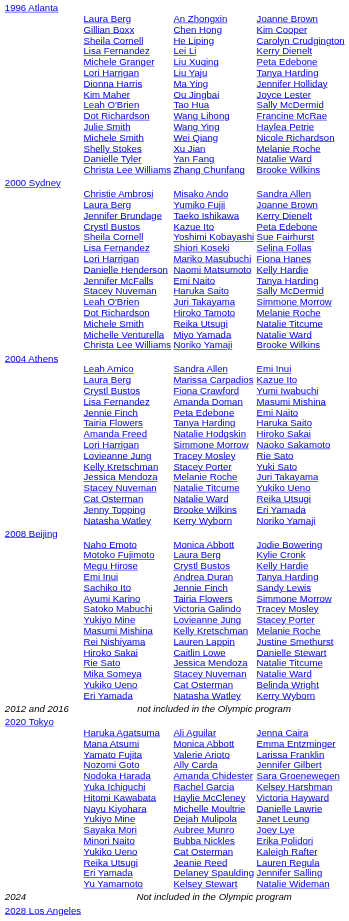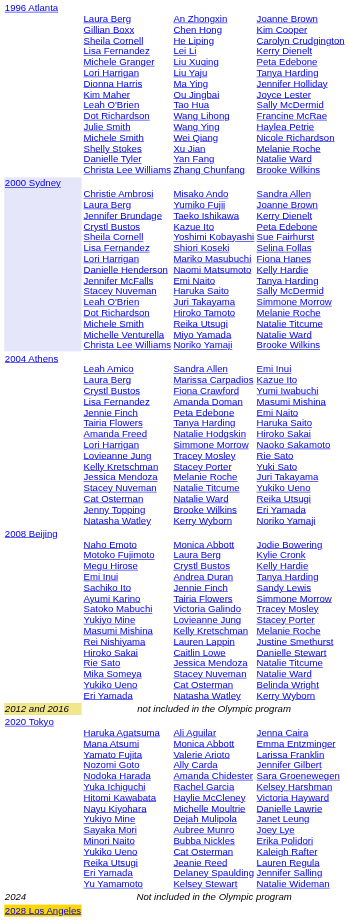 <table>
 <tr valign="top">
 <td><a href='#'>1996 Atlanta</a><br></td>
 <td valign=top><br><a href='#'>Laura Berg</a><br><a href='#'>Gillian Boxx</a><br><a href='#'>Sheila Cornell</a><br><a href='#'>Lisa Fernandez</a><br><a href='#'>Michele Granger</a><br><a href='#'>Lori Harrigan</a><br><a href='#'>Dionna Harris</a><br><a href='#'>Kim Maher</a><br><a href='#'>Leah O'Brien</a><br><a href='#'>Dot Richardson</a><br><a href='#'>Julie Smith</a><br><a href='#'>Michele Smith</a><br><a href='#'>Shelly Stokes</a><br><a href='#'>Danielle Tyler</a><br><a href='#'>Christa Lee Williams</a></td>
 <td valign=top><br><a href='#'>An Zhongxin</a><br><a href='#'>Chen Hong</a><br><a href='#'>He Liping</a><br><a href='#'>Lei Li</a><br><a href='#'>Liu Xuqing</a><br><a href='#'>Liu Yaju</a><br><a href='#'>Ma Ying</a><br><a href='#'>Ou Jingbai</a><br><a href='#'>Tao Hua</a><br><a href='#'>Wang Lihong</a><br><a href='#'>Wang Ying</a><br><a href='#'>Wei Qiang</a><br><a href='#'>Xu Jian</a><br><a href='#'>Yan Fang</a><br><a href='#'>Zhang Chunfang</a></td>
 <td valign=top><br><a href='#'>Joanne Brown</a><br><a href='#'>Kim Cooper</a><br><a href='#'>Carolyn Crudgington</a><br><a href='#'>Kerry Dienelt</a><br><a href='#'>Peta Edebone</a><br><a href='#'>Tanya Harding</a><br><a href='#'>Jennifer Holliday</a><br><a href='#'>Joyce Lester</a><br><a href='#'>Sally McDermid</a><br><a href='#'>Francine McRae</a><br><a href='#'>Haylea Petrie</a><br><a href='#'>Nicole Richardson</a><br><a href='#'>Melanie Roche</a><br><a href='#'>Natalie Ward</a><br><a href='#'>Brooke Wilkins</a></td>
 </tr>
 <tr valign="top">
-<td><a href='#'>2000 Sydney</a><br></td>
+<td style="background: lavender;"><a href='#'>2000 Sydney</a><br></td>
 <td valign=top><br><a href='#'>Christie Ambrosi</a><br><a href='#'>Laura Berg</a><br><a href='#'>Jennifer Brundage</a><br><a href='#'>Crystl Bustos</a><br><a href='#'>Sheila Cornell</a><br><a href='#'>Lisa Fernandez</a><br><a href='#'>Lori Harrigan</a><br><a href='#'>Danielle Henderson</a><br><a href='#'>Jennifer McFalls</a><br><a href='#'>Stacey Nuveman</a><br><a href='#'>Leah O'Brien</a><br><a href='#'>Dot Richardson</a><br><a href='#'>Michele Smith</a><br><a href='#'>Michelle Venturella</a><br><a href='#'>Christa Lee Williams</a></td>
 <td valign=top><br><a href='#'>Misako Ando</a><br><a href='#'>Yumiko Fujii</a><br><a href='#'>Taeko Ishikawa</a><br><a href='#'>Kazue Ito</a><br><a href='#'>Yoshimi Kobayashi</a><br><a href='#'>Shiori Koseki</a><br><a href='#'>Mariko Masubuchi</a><br><a href='#'>Naomi Matsumoto</a><br><a href='#'>Emi Naito</a><br><a href='#'>Haruka Saito</a><br><a href='#'>Juri Takayama</a><br><a href='#'>Hiroko Tamoto</a><br><a href='#'>Reika Utsugi</a><br><a href='#'>Miyo Yamada</a><br><a href='#'>Noriko Yamaji</a></td>
 <td valign=top><br><a href='#'>Sandra Allen</a><br><a href='#'>Joanne Brown</a><br><a href='#'>Kerry Dienelt</a><br><a href='#'>Peta Edebone</a><br><a href='#'>Sue Fairhurst</a><br><a href='#'>Selina Follas</a><br><a href='#'>Fiona Hanes</a><br><a href='#'>Kelly Hardie</a><br><a href='#'>Tanya Harding</a><br><a href='#'>Sally McDermid</a><br><a href='#'>Simmone Morrow</a><br><a href='#'>Melanie Roche</a><br><a href='#'>Natalie Titcume</a><br><a href='#'>Natalie Ward</a><br><a href='#'>Brooke Wilkins</a></td>
 </tr>
 <tr valign="top">
 <td><a href='#'>2004 Athens</a><br></td>
 <td valign=top><br><a href='#'>Leah Amico</a><br><a href='#'>Laura Berg</a><br><a href='#'>Crystl Bustos</a><br><a href='#'>Lisa Fernandez</a><br><a href='#'>Jennie Finch</a><br><a href='#'>Tairia Flowers</a><br><a href='#'>Amanda Freed</a><br><a href='#'>Lori Harrigan</a><br><a href='#'>Lovieanne Jung</a><br><a href='#'>Kelly Kretschman</a><br><a href='#'>Jessica Mendoza</a><br><a href='#'>Stacey Nuveman</a><br><a href='#'>Cat Osterman</a><br><a href='#'>Jenny Topping</a><br><a href='#'>Natasha Watley</a></td>
 <td valign=top><br><a href='#'>Sandra Allen</a><br><a href='#'>Marissa Carpadios</a><br><a href='#'>Fiona Crawford</a><br><a href='#'>Amanda Doman</a><br><a href='#'>Peta Edebone</a><br><a href='#'>Tanya Harding</a><br><a href='#'>Natalie Hodgskin</a><br><a href='#'>Simmone Morrow</a><br><a href='#'>Tracey Mosley</a><br><a href='#'>Stacey Porter</a><br><a href='#'>Melanie Roche</a><br><a href='#'>Natalie Titcume</a><br><a href='#'>Natalie Ward</a><br><a href='#'>Brooke Wilkins</a><br><a href='#'>Kerry Wyborn</a></td>
 <td valign=top><br><a href='#'>Emi Inui</a><br><a href='#'>Kazue Ito</a><br><a href='#'>Yumi Iwabuchi</a><br><a href='#'>Masumi Mishina</a><br><a href='#'>Emi Naito</a><br><a href='#'>Haruka Saito</a><br><a href='#'>Hiroko Sakai</a><br><a href='#'>Naoko Sakamoto</a><br><a href='#'>Rie Sato</a><br><a href='#'>Yuki Sato</a><br><a href='#'>Juri Takayama</a><br><a href='#'>Yukiko Ueno</a><br><a href='#'>Reika Utsugi</a><br><a href='#'>Eri Yamada</a><br><a href='#'>Noriko Yamaji</a></td>
 </tr>
 <tr valign="top">
 <td><a href='#'>2008 Beijing</a><br></td>
 <td valign=top><br><a href='#'>Naho Emoto</a><br><a href='#'>Motoko Fujimoto</a><br> <a href='#'>Megu Hirose</a><br><a href='#'>Emi Inui</a><br><a href='#'>Sachiko Ito</a><br><a href='#'>Ayumi Karino</a><br><a href='#'>Satoko Mabuchi</a><br><a href='#'>Yukiyo Mine</a><br><a href='#'>Masumi Mishina</a><br><a href='#'>Rei Nishiyama</a><br><a href='#'>Hiroko Sakai</a><br><a href='#'>Rie Sato</a><br><a href='#'>Mika Someya</a><br><a href='#'>Yukiko Ueno</a><br><a href='#'>Eri Yamada</a></td>
 <td valign=top><br><a href='#'>Monica Abbott</a><br><a href='#'>Laura Berg</a><br><a href='#'>Crystl Bustos</a><br><a href='#'>Andrea Duran</a><br><a href='#'>Jennie Finch</a><br><a href='#'>Tairia Flowers</a><br><a href='#'>Victoria Galindo</a><br><a href='#'>Lovieanne Jung</a><br><a href='#'>Kelly Kretschman</a><br><a href='#'>Lauren Lappin</a><br><a href='#'>Caitlin Lowe</a><br><a href='#'>Jessica Mendoza</a><br><a href='#'>Stacey Nuveman</a><br><a href='#'>Cat Osterman</a><br><a href='#'>Natasha Watley</a></td>
 <td valign=top><br><a href='#'>Jodie Bowering</a><br><a href='#'>Kylie Cronk</a><br><a href='#'>Kelly Hardie</a><br><a href='#'>Tanya Harding</a><br><a href='#'>Sandy Lewis</a><br><a href='#'>Simmone Morrow</a><br><a href='#'>Tracey Mosley</a><br><a href='#'>Stacey Porter</a><br><a href='#'>Melanie Roche</a><br><a href='#'>Justine Smethurst</a><br><a href='#'>Danielle Stewart</a><br><a href='#'>Natalie Titcume</a><br><a href='#'>Natalie Ward</a><br><a href='#'>Belinda Wright</a><br><a href='#'>Kerry Wyborn</a></td>
 </tr>
 <tr>
-<td><em>2012 and 2016</em></td>
+<td style="background: khaki;"><em>2012 and 2016</em></td>
 <td colspan=3 align=center><em>not included in the Olympic program</em></td>
 </tr>
 <tr valign="top">
 <td><a href='#'>2020 Tokyo</a><br></td>
 <td> <br><a href='#'>Haruka Agatsuma</a><br><a href='#'>Mana Atsumi</a><br><a href='#'>Yamato Fujita</a><br><a href='#'>Nozomi Goto</a><br><a href='#'>Nodoka Harada</a><br><a href='#'>Yuka Ichiguchi</a><br><a href='#'>Hitomi Kawabata</a><br><a href='#'>Nayu Kiyohara</a><br><a href='#'>Yukiyo Mine</a><br><a href='#'>Sayaka Mori</a><br><a href='#'>Minori Naito</a><br><a href='#'>Yukiko Ueno</a><br><a href='#'>Reika Utsugi</a><br><a href='#'>Eri Yamada</a><br><a href='#'>Yu Yamamoto</a></td>
 <td> <br><a href='#'>Ali Aguilar</a><br><a href='#'>Monica Abbott</a><br><a href='#'>Valerie Arioto</a><br><a href='#'>Ally Carda</a><br><a href='#'>Amanda Chidester</a><br><a href='#'>Rachel Garcia</a><br><a href='#'>Haylie McCleney</a><br><a href='#'>Michelle Moultrie</a><br><a href='#'>Dejah Mulipola</a><br><a href='#'>Aubree Munro</a><br><a href='#'>Bubba Nickles</a><br><a href='#'>Cat Osterman</a><br><a href='#'>Jeanie Reed</a><br><a href='#'>Delaney Spaulding</a><br><a href='#'>Kelsey Stewart</a></td>
 <td><br><a href='#'>Jenna Caira</a><br><a href='#'>Emma Entzminger</a><br><a href='#'>Larissa Franklin</a><br><a href='#'>Jennifer Gilbert</a><br><a href='#'>Sara Groenewegen</a><br><a href='#'>Kelsey Harshman</a><br><a href='#'>Victoria Hayward</a><br><a href='#'>Danielle Lawrie</a><br><a href='#'>Janet Leung</a><br><a href='#'>Joey Lye</a><br><a href='#'>Erika Polidori</a><br><a href='#'>Kaleigh Rafter</a><br><a href='#'>Lauren Regula</a><br><a href='#'>Jennifer Salling</a><br><a href='#'>Natalie Wideman</a></td>
 </tr>
 <tr>
 <td><em>2024</em></td>
 <td colspan=3 align=center><em>Not included in the Olympic program</em></td>
 </tr>
 <tr>
-<td><a href='#'>2028 Los Angeles</a><br></td>
+<td style="background: gold;"><a href='#'>2028 Los Angeles</a><br></td>
 <td></td>
 <td></td>
 <td></td>
 </tr>
 <tr>
 </tr>
 </table>
